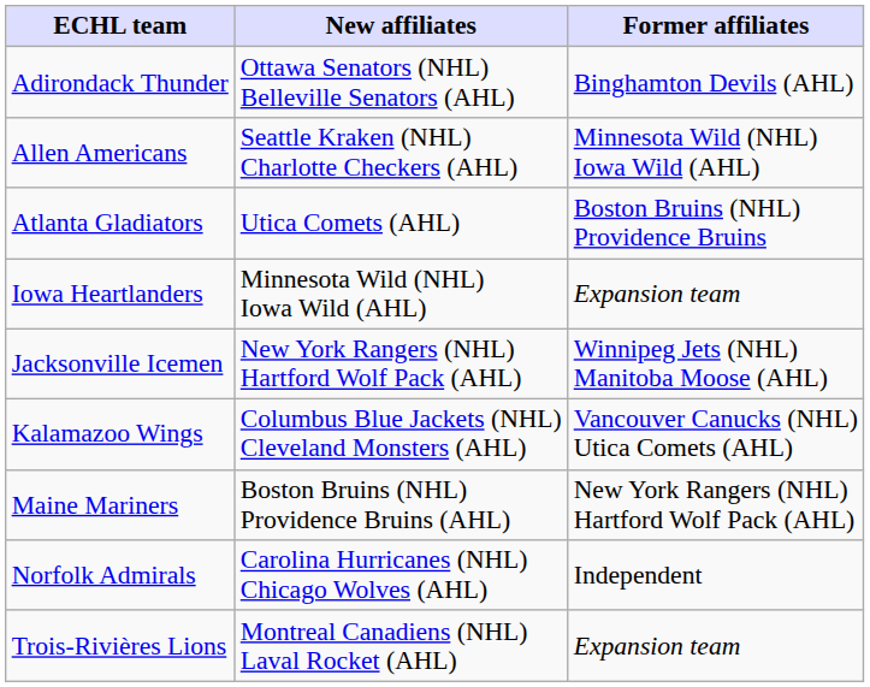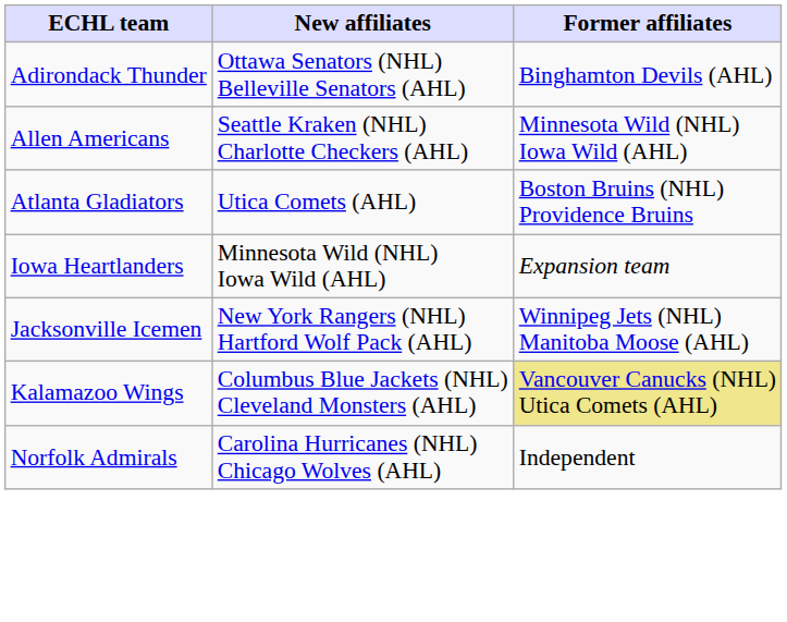 <table class="wikitable">
 <tr>
 <th style="background:#ddf">ECHL team</th>
 <th style="background:#ddf">New affiliates</th>
 <th style="background:#ddf">Former affiliates</th>
 </tr>
 <tr>
 <td><a href='#'>Adirondack Thunder</a></td>
 <td><a href='#'>Ottawa Senators</a> (NHL)<br><a href='#'>Belleville Senators</a> (AHL)</td>
 <td><a href='#'>Binghamton Devils</a> (AHL)</td>
 </tr>
 <tr>
 <td><a href='#'>Allen Americans</a></td>
 <td><a href='#'>Seattle Kraken</a> (NHL)<br><a href='#'>Charlotte Checkers</a> (AHL)</td>
 <td><a href='#'>Minnesota Wild</a> (NHL)<br><a href='#'>Iowa Wild</a> (AHL)</td>
 </tr>
 <tr>
 <td><a href='#'>Atlanta Gladiators</a></td>
 <td><a href='#'>Utica Comets</a> (AHL)</td>
 <td><a href='#'>Boston Bruins</a> (NHL)<br><a href='#'>Providence Bruins</a></td>
 </tr>
 <tr>
 <td><a href='#'>Iowa Heartlanders</a></td>
 <td>Minnesota Wild (NHL)<br>Iowa Wild (AHL)</td>
 <td><em>Expansion team</em></td>
 </tr>
 <tr>
 <td><a href='#'>Jacksonville Icemen</a></td>
 <td><a href='#'>New York Rangers</a> (NHL)<br><a href='#'>Hartford Wolf Pack</a> (AHL)</td>
 <td><a href='#'>Winnipeg Jets</a> (NHL)<br><a href='#'>Manitoba Moose</a> (AHL)</td>
 </tr>
 <tr>
 <td><a href='#'>Kalamazoo Wings</a></td>
 <td><a href='#'>Columbus Blue Jackets</a> (NHL)<br><a href='#'>Cleveland Monsters</a> (AHL)</td>
-<td><a href='#'>Vancouver Canucks</a> (NHL)<br>Utica Comets (AHL)</td>
-</tr>
-<tr>
-<td><a href='#'>Maine Mariners</a></td>
-<td>Boston Bruins (NHL)<br>Providence Bruins (AHL)</td>
-<td>New York Rangers (NHL)<br>Hartford Wolf Pack (AHL)</td>
+<td style="background: khaki;"><a href='#'>Vancouver Canucks</a> (NHL)<br>Utica Comets (AHL)</td>
 </tr>
 <tr>
 <td><a href='#'>Norfolk Admirals</a></td>
 <td><a href='#'>Carolina Hurricanes</a> (NHL)<br><a href='#'>Chicago Wolves</a> (AHL)</td>
 <td>Independent</td>
 </tr>
-<tr>
-<td><a href='#'>Trois-Rivières Lions</a></td>
-<td><a href='#'>Montreal Canadiens</a> (NHL)<br><a href='#'>Laval Rocket</a> (AHL)</td>
-<td><em>Expansion team</em></td>
-</tr>
 </table>
